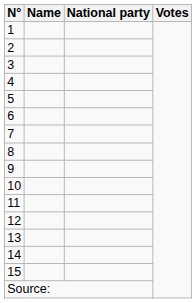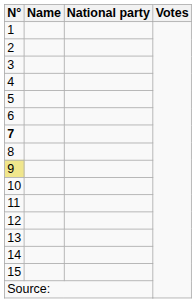 <table class="wikitable sortable" style="font-size:95%;line-height:14px;">
 <tr>
 <th>N°</th>
 <th>Name</th>
 <th colspan="2">National party</th>
 <th>Votes</th>
 </tr>
 <tr>
 <td>1</td>
 <td></td>
 <td></td>
 </tr>
 <tr>
 <td>2</td>
 <td></td>
 <td></td>
 </tr>
 <tr>
 <td>3</td>
 <td></td>
 <td></td>
 </tr>
 <tr>
 <td>4</td>
 <td></td>
 <td></td>
 </tr>
 <tr>
 <td>5</td>
 <td></td>
 <td></td>
 </tr>
 <tr>
 <td>6</td>
 <td></td>
 <td></td>
 </tr>
 <tr>
-<td>7</td>
+<td><strong>7</strong></td>
 <td></td>
 <td></td>
 </tr>
 <tr>
 <td>8</td>
 <td></td>
 <td></td>
 </tr>
 <tr>
-<td>9</td>
+<td style="background: khaki;">9</td>
 <td></td>
 <td></td>
 </tr>
 <tr>
 <td>10</td>
 <td></td>
 <td></td>
 </tr>
 <tr>
 <td>11</td>
 <td></td>
 <td></td>
 </tr>
 <tr>
 <td>12</td>
 <td></td>
 <td></td>
 </tr>
 <tr>
 <td>13</td>
 <td></td>
 <td></td>
 </tr>
 <tr>
 <td>14</td>
 <td></td>
 <td></td>
 </tr>
 <tr>
 <td>15</td>
 <td></td>
 <td></td>
 </tr>
 <tr>
 <td colspan="3">Source: </td>
 </tr>
 </table>
